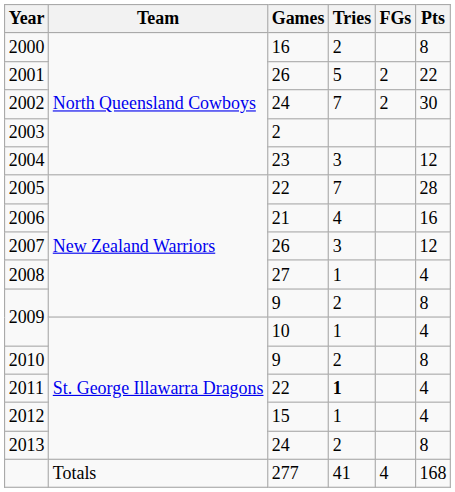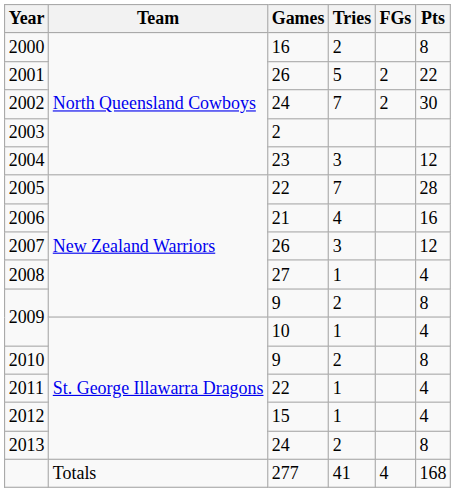 <table class="wikitable">
 <tr>
 <th>Year</th>
 <th>Team</th>
 <th>Games</th>
 <th>Tries</th>
 <th>FGs</th>
 <th>Pts</th>
 </tr>
 <tr>
 <td>2000</td>
 <td rowspan="5"> <a href='#'>North Queensland Cowboys</a></td>
 <td>16</td>
 <td>2</td>
 <td></td>
 <td>8</td>
 </tr>
 <tr>
 <td>2001</td>
 <td>26</td>
 <td>5</td>
 <td>2</td>
 <td>22</td>
 </tr>
 <tr>
 <td>2002</td>
 <td>24</td>
 <td>7</td>
 <td>2</td>
 <td>30</td>
 </tr>
 <tr>
 <td>2003</td>
 <td>2</td>
 <td></td>
 <td></td>
 <td></td>
 </tr>
 <tr>
 <td>2004</td>
 <td>23</td>
 <td>3</td>
 <td></td>
 <td>12</td>
 </tr>
 <tr>
 <td>2005</td>
 <td rowspan="5"> <a href='#'>New Zealand Warriors</a></td>
 <td>22</td>
 <td>7</td>
 <td></td>
 <td>28</td>
 </tr>
 <tr>
 <td>2006</td>
 <td>21</td>
 <td>4</td>
 <td></td>
 <td>16</td>
 </tr>
 <tr>
 <td>2007</td>
 <td>26</td>
 <td>3</td>
 <td></td>
 <td>12</td>
 </tr>
 <tr>
 <td>2008</td>
 <td>27</td>
 <td>1</td>
 <td></td>
 <td>4</td>
 </tr>
 <tr>
 <td rowspan="2">2009</td>
 <td>9</td>
 <td>2</td>
 <td></td>
 <td>8</td>
 </tr>
 <tr>
 <td rowspan="5"> <a href='#'>St. George Illawarra Dragons</a></td>
 <td>10</td>
 <td>1</td>
 <td></td>
 <td>4</td>
 </tr>
 <tr>
 <td>2010</td>
 <td>9</td>
 <td>2</td>
 <td></td>
 <td>8</td>
 </tr>
 <tr>
 <td>2011</td>
 <td>22</td>
-<td><strong>1</strong></td>
+<td>1</td>
 <td></td>
 <td>4</td>
 </tr>
 <tr>
 <td>2012</td>
 <td>15</td>
 <td>1</td>
 <td></td>
 <td>4</td>
 </tr>
 <tr>
 <td>2013</td>
 <td>24</td>
 <td>2</td>
 <td></td>
 <td>8</td>
 </tr>
 <tr>
 <td></td>
 <td>Totals</td>
 <td>277</td>
 <td>41</td>
 <td>4</td>
 <td>168</td>
 </tr>
 </table>
